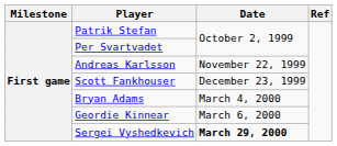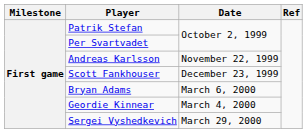 <table class="wikitable">
 <tr>
 <th scope="col">Milestone</th>
 <th scope="col">Player</th>
 <th scope="col">Date</th>
 <th scope="col">Ref</th>
 </tr>
 <tr>
 <th rowspan=7>First game</th>
 <td><a href='#'>Patrik Stefan</a></td>
 <td rowspan=2>October 2, 1999</td>
 <td rowspan=7></td>
 </tr>
 <tr>
 <td><a href='#'>Per Svartvadet</a></td>
 </tr>
 <tr>
 <td><a href='#'>Andreas Karlsson</a></td>
 <td>November 22, 1999</td>
 </tr>
 <tr>
 <td><a href='#'>Scott Fankhouser</a></td>
 <td>December 23, 1999</td>
 </tr>
 <tr>
 <td><a href='#'>Bryan Adams</a></td>
+<td>March 6, 2000</td>
+</tr>
+<tr>
+<td><a href='#'>Geordie Kinnear</a></td>
 <td>March 4, 2000</td>
 </tr>
 <tr>
-<td><a href='#'>Geordie Kinnear</a></td>
-<td>March 6, 2000</td>
-</tr>
-<tr>
 <td><a href='#'>Sergei Vyshedkevich</a></td>
-<td><strong>March 29, 2000</strong></td>
+<td>March 29, 2000</td>
 </tr>
 </table>
